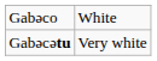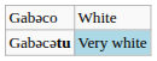 <table class="wikitable">
 <tr>
 <td>Gabəco</td>
 <td>White</td>
 </tr>
 <tr>
 <td>Gabəcə<strong>tu</strong></td>
-<td>Very white</td>
+<td style="background: lightblue;">Very white</td>
 </tr>
 </table>
